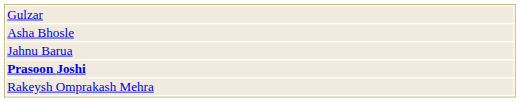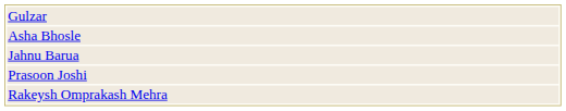 <table style="width:100%;border: 1px solid #BEB168;background-color:#FDFCF6;">
 <tr>
 <td style="background-color:#F0EADF;"> <a href='#'>Gulzar</a></td>
 </tr>
 <tr>
 <td style="background-color:#F0EADF;"> <a href='#'>Asha Bhosle</a></td>
 </tr>
 <tr>
 <td style="background-color:#F0EADF;"> <a href='#'>Jahnu Barua</a></td>
 </tr>
 <tr>
-<td style="background-color:#F0EADF;"><strong> <a href='#'>Prasoon Joshi</a></strong></td>
+<td style="background-color:#F0EADF;"> <a href='#'>Prasoon Joshi</a></td>
 </tr>
 <tr>
 <td style="background-color:#F0EADF;"> <a href='#'>Rakeysh Omprakash Mehra</a></td>
 </tr>
 </table>
